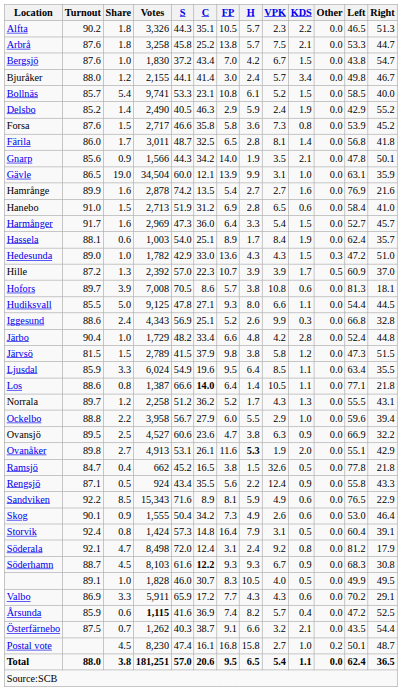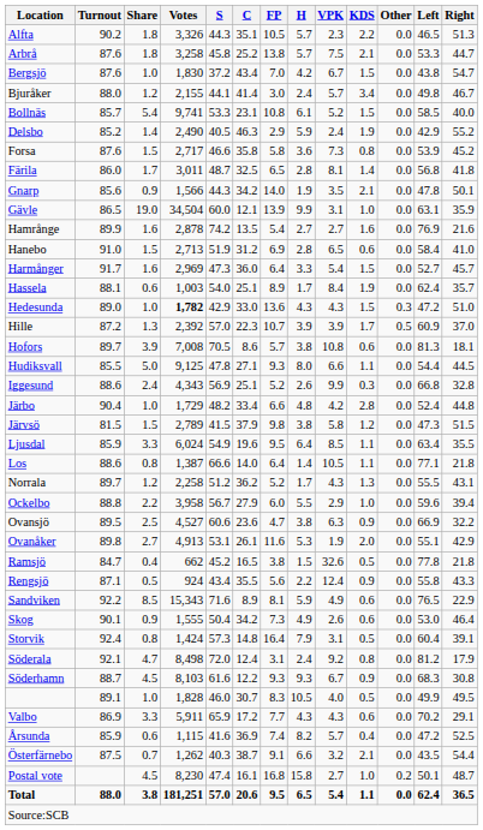 <table class="wikitable sortable" style=text-align:right>
 <tr>
 <th>Location</th>
 <th>Turnout</th>
 <th>Share</th>
 <th>Votes</th>
 <th><a href='#'>S</a></th>
 <th><a href='#'>C</a></th>
 <th><a href='#'>FP</a></th>
 <th><a href='#'>H</a></th>
 <th><a href='#'>VPK</a></th>
 <th><a href='#'>KDS</a></th>
 <th>Other</th>
 <th>Left</th>
 <th>Right</th>
 </tr>
 <tr>
 <td align=left><a href='#'>Alfta</a></td>
 <td>90.2</td>
 <td>1.8</td>
 <td>3,326</td>
 <td>44.3</td>
 <td>35.1</td>
 <td>10.5</td>
 <td>5.7</td>
 <td>2.3</td>
 <td>2.2</td>
 <td>0.0</td>
 <td>46.5</td>
 <td>51.3</td>
 </tr>
 <tr>
 <td align=left><a href='#'>Arbrå</a></td>
 <td>87.6</td>
 <td>1.8</td>
 <td>3,258</td>
 <td>45.8</td>
 <td>25.2</td>
 <td>13.8</td>
 <td>5.7</td>
 <td>7.5</td>
 <td>2.1</td>
 <td>0.0</td>
 <td>53.3</td>
 <td>44.7</td>
 </tr>
 <tr>
 <td align=left><a href='#'>Bergsjö</a></td>
 <td>87.6</td>
 <td>1.0</td>
 <td>1,830</td>
 <td>37.2</td>
 <td>43.4</td>
 <td>7.0</td>
 <td>4.2</td>
 <td>6.7</td>
 <td>1.5</td>
 <td>0.0</td>
 <td>43.8</td>
 <td>54.7</td>
 </tr>
 <tr>
 <td align=left>Bjuråker</td>
 <td>88.0</td>
 <td>1.2</td>
 <td>2,155</td>
 <td>44.1</td>
 <td>41.4</td>
 <td>3.0</td>
 <td>2.4</td>
 <td>5.7</td>
 <td>3.4</td>
 <td>0.0</td>
 <td>49.8</td>
 <td>46.7</td>
 </tr>
 <tr>
 <td align=left><a href='#'>Bollnäs</a></td>
 <td>85.7</td>
 <td>5.4</td>
 <td>9,741</td>
 <td>53.3</td>
 <td>23.1</td>
 <td>10.8</td>
 <td>6.1</td>
 <td>5.2</td>
 <td>1.5</td>
 <td>0.0</td>
 <td>58.5</td>
 <td>40.0</td>
 </tr>
 <tr>
 <td align=left><a href='#'>Delsbo</a></td>
 <td>85.2</td>
 <td>1.4</td>
 <td>2,490</td>
 <td>40.5</td>
 <td>46.3</td>
 <td>2.9</td>
 <td>5.9</td>
 <td>2.4</td>
 <td>1.9</td>
 <td>0.0</td>
 <td>42.9</td>
 <td>55.2</td>
 </tr>
 <tr>
 <td align=left>Forsa</td>
 <td>87.6</td>
 <td>1.5</td>
 <td>2,717</td>
 <td>46.6</td>
 <td>35.8</td>
 <td>5.8</td>
 <td>3.6</td>
 <td>7.3</td>
 <td>0.8</td>
 <td>0.0</td>
 <td>53.9</td>
 <td>45.2</td>
 </tr>
 <tr>
 <td align=left><a href='#'>Färila</a></td>
 <td>86.0</td>
 <td>1.7</td>
 <td>3,011</td>
 <td>48.7</td>
 <td>32.5</td>
 <td>6.5</td>
 <td>2.8</td>
 <td>8.1</td>
 <td>1.4</td>
 <td>0.0</td>
 <td>56.8</td>
 <td>41.8</td>
 </tr>
 <tr>
 <td align=left><a href='#'>Gnarp</a></td>
 <td>85.6</td>
 <td>0.9</td>
 <td>1,566</td>
 <td>44.3</td>
 <td>34.2</td>
 <td>14.0</td>
 <td>1.9</td>
 <td>3.5</td>
 <td>2.1</td>
 <td>0.0</td>
 <td>47.8</td>
 <td>50.1</td>
 </tr>
 <tr>
 <td align=left><a href='#'>Gävle</a></td>
 <td>86.5</td>
 <td>19.0</td>
 <td>34,504</td>
 <td>60.0</td>
 <td>12.1</td>
 <td>13.9</td>
 <td>9.9</td>
 <td>3.1</td>
 <td>1.0</td>
 <td>0.0</td>
 <td>63.1</td>
 <td>35.9</td>
 </tr>
 <tr>
 <td align=left>Hamrånge</td>
 <td>89.9</td>
 <td>1.6</td>
 <td>2,878</td>
 <td>74.2</td>
 <td>13.5</td>
 <td>5.4</td>
 <td>2.7</td>
 <td>2.7</td>
 <td>1.6</td>
 <td>0.0</td>
 <td>76.9</td>
 <td>21.6</td>
 </tr>
 <tr>
 <td align=left>Hanebo</td>
 <td>91.0</td>
 <td>1.5</td>
 <td>2,713</td>
 <td>51.9</td>
 <td>31.2</td>
 <td>6.9</td>
 <td>2.8</td>
 <td>6.5</td>
 <td>0.6</td>
 <td>0.0</td>
 <td>58.4</td>
 <td>41.0</td>
 </tr>
 <tr>
 <td align=left><a href='#'>Harmånger</a></td>
 <td>91.7</td>
 <td>1.6</td>
 <td>2,969</td>
 <td>47.3</td>
 <td>36.0</td>
 <td>6.4</td>
 <td>3.3</td>
 <td>5.4</td>
 <td>1.5</td>
 <td>0.0</td>
 <td>52.7</td>
 <td>45.7</td>
 </tr>
 <tr>
 <td align=left><a href='#'>Hassela</a></td>
 <td>88.1</td>
 <td>0.6</td>
 <td>1,003</td>
 <td>54.0</td>
 <td>25.1</td>
 <td>8.9</td>
 <td>1.7</td>
 <td>8.4</td>
 <td>1.9</td>
 <td>0.0</td>
 <td>62.4</td>
 <td>35.7</td>
 </tr>
 <tr>
 <td align=left><a href='#'>Hedesunda</a></td>
 <td>89.0</td>
 <td>1.0</td>
-<td>1,782</td>
+<td><strong>1,782</strong></td>
 <td>42.9</td>
 <td>33.0</td>
 <td>13.6</td>
 <td>4.3</td>
 <td>4.3</td>
 <td>1.5</td>
 <td>0.3</td>
 <td>47.2</td>
 <td>51.0</td>
 </tr>
 <tr>
 <td align=left>Hille</td>
 <td>87.2</td>
 <td>1.3</td>
 <td>2,392</td>
 <td>57.0</td>
 <td>22.3</td>
 <td>10.7</td>
 <td>3.9</td>
 <td>3.9</td>
 <td>1.7</td>
 <td>0.5</td>
 <td>60.9</td>
 <td>37.0</td>
 </tr>
 <tr>
 <td align=left><a href='#'>Hofors</a></td>
 <td>89.7</td>
 <td>3.9</td>
 <td>7,008</td>
 <td>70.5</td>
 <td>8.6</td>
 <td>5.7</td>
 <td>3.8</td>
 <td>10.8</td>
 <td>0.6</td>
 <td>0.0</td>
 <td>81.3</td>
 <td>18.1</td>
 </tr>
 <tr>
 <td align=left><a href='#'>Hudiksvall</a></td>
 <td>85.5</td>
 <td>5.0</td>
 <td>9,125</td>
 <td>47.8</td>
 <td>27.1</td>
 <td>9.3</td>
 <td>8.0</td>
 <td>6.6</td>
 <td>1.1</td>
 <td>0.0</td>
 <td>54.4</td>
 <td>44.5</td>
 </tr>
 <tr>
 <td align=left><a href='#'>Iggesund</a></td>
 <td>88.6</td>
 <td>2.4</td>
 <td>4,343</td>
 <td>56.9</td>
 <td>25.1</td>
 <td>5.2</td>
 <td>2.6</td>
 <td>9.9</td>
 <td>0.3</td>
 <td>0.0</td>
 <td>66.8</td>
 <td>32.8</td>
 </tr>
 <tr>
 <td align=left><a href='#'>Järbo</a></td>
 <td>90.4</td>
 <td>1.0</td>
 <td>1,729</td>
 <td>48.2</td>
 <td>33.4</td>
 <td>6.6</td>
 <td>4.8</td>
 <td>4.2</td>
 <td>2.8</td>
 <td>0.0</td>
 <td>52.4</td>
 <td>44.8</td>
 </tr>
 <tr>
 <td align=left><a href='#'>Järvsö</a></td>
 <td>81.5</td>
 <td>1.5</td>
 <td>2,789</td>
 <td>41.5</td>
 <td>37.9</td>
 <td>9.8</td>
 <td>3.8</td>
 <td>5.8</td>
 <td>1.2</td>
 <td>0.0</td>
 <td>47.3</td>
 <td>51.5</td>
 </tr>
 <tr>
 <td align=left><a href='#'>Ljusdal</a></td>
 <td>85.9</td>
 <td>3.3</td>
 <td>6,024</td>
 <td>54.9</td>
 <td>19.6</td>
 <td>9.5</td>
 <td>6.4</td>
 <td>8.5</td>
 <td>1.1</td>
 <td>0.0</td>
 <td>63.4</td>
 <td>35.5</td>
 </tr>
 <tr>
 <td align=left><a href='#'>Los</a></td>
 <td>88.6</td>
 <td>0.8</td>
 <td>1,387</td>
 <td>66.6</td>
-<td><strong>14.0</strong></td>
+<td>14.0</td>
 <td>6.4</td>
 <td>1.4</td>
 <td>10.5</td>
 <td>1.1</td>
 <td>0.0</td>
 <td>77.1</td>
 <td>21.8</td>
 </tr>
 <tr>
 <td align=left>Norrala</td>
 <td>89.7</td>
 <td>1.2</td>
 <td>2,258</td>
 <td>51.2</td>
 <td>36.2</td>
 <td>5.2</td>
 <td>1.7</td>
 <td>4.3</td>
 <td>1.3</td>
 <td>0.0</td>
 <td>55.5</td>
 <td>43.1</td>
 </tr>
 <tr>
 <td align=left><a href='#'>Ockelbo</a></td>
 <td>88.8</td>
 <td>2.2</td>
 <td>3,958</td>
 <td>56.7</td>
 <td>27.9</td>
 <td>6.0</td>
 <td>5.5</td>
 <td>2.9</td>
 <td>1.0</td>
 <td>0.0</td>
 <td>59.6</td>
 <td>39.4</td>
 </tr>
 <tr>
 <td align=left>Ovansjö</td>
 <td>89.5</td>
 <td>2.5</td>
 <td>4,527</td>
 <td>60.6</td>
 <td>23.6</td>
 <td>4.7</td>
 <td>3.8</td>
 <td>6.3</td>
 <td>0.9</td>
 <td>0.0</td>
 <td>66.9</td>
 <td>32.2</td>
 </tr>
 <tr>
 <td align=left><a href='#'>Ovanåker</a></td>
 <td>89.8</td>
 <td>2.7</td>
 <td>4,913</td>
 <td>53.1</td>
 <td>26.1</td>
 <td>11.6</td>
-<td><strong>5.3</strong></td>
+<td>5.3</td>
 <td>1.9</td>
 <td>2.0</td>
 <td>0.0</td>
 <td>55.1</td>
 <td>42.9</td>
 </tr>
 <tr>
 <td align=left><a href='#'>Ramsjö</a></td>
 <td>84.7</td>
 <td>0.4</td>
 <td>662</td>
 <td>45.2</td>
 <td>16.5</td>
 <td>3.8</td>
 <td>1.5</td>
 <td>32.6</td>
 <td>0.5</td>
 <td>0.0</td>
 <td>77.8</td>
 <td>21.8</td>
 </tr>
 <tr>
 <td align=left><a href='#'>Rengsjö</a></td>
 <td>87.1</td>
 <td>0.5</td>
 <td>924</td>
 <td>43.4</td>
 <td>35.5</td>
 <td>5.6</td>
 <td>2.2</td>
 <td>12.4</td>
 <td>0.9</td>
 <td>0.0</td>
 <td>55.8</td>
 <td>43.3</td>
 </tr>
 <tr>
 <td align=left><a href='#'>Sandviken</a></td>
 <td>92.2</td>
 <td>8.5</td>
 <td>15,343</td>
 <td>71.6</td>
 <td>8.9</td>
 <td>8.1</td>
 <td>5.9</td>
 <td>4.9</td>
 <td>0.6</td>
 <td>0.0</td>
 <td>76.5</td>
 <td>22.9</td>
 </tr>
 <tr>
 <td align=left><a href='#'>Skog</a></td>
 <td>90.1</td>
 <td>0.9</td>
 <td>1,555</td>
 <td>50.4</td>
 <td>34.2</td>
 <td>7.3</td>
 <td>4.9</td>
 <td>2.6</td>
 <td>0.6</td>
 <td>0.0</td>
 <td>53.0</td>
 <td>46.4</td>
 </tr>
 <tr>
 <td align=left><a href='#'>Storvik</a></td>
 <td>92.4</td>
 <td>0.8</td>
 <td>1,424</td>
 <td>57.3</td>
 <td>14.8</td>
 <td>16.4</td>
 <td>7.9</td>
 <td>3.1</td>
 <td>0.5</td>
 <td>0.0</td>
 <td>60.4</td>
 <td>39.1</td>
 </tr>
 <tr>
 <td align=left><a href='#'>Söderala</a></td>
 <td>92.1</td>
 <td>4.7</td>
 <td>8,498</td>
 <td>72.0</td>
 <td>12.4</td>
 <td>3.1</td>
 <td>2.4</td>
 <td>9.2</td>
 <td>0.8</td>
 <td>0.0</td>
 <td>81.2</td>
 <td>17.9</td>
 </tr>
 <tr>
 <td align=left><a href='#'>Söderhamn</a></td>
 <td>88.7</td>
 <td>4.5</td>
 <td>8,103</td>
 <td>61.6</td>
-<td><strong>12.2</strong></td>
+<td>12.2</td>
 <td>9.3</td>
 <td>9.3</td>
 <td>6.7</td>
 <td>0.9</td>
 <td>0.0</td>
 <td>68.3</td>
 <td>30.8</td>
 </tr>
 <tr>
 <td align=left></td>
 <td>89.1</td>
 <td>1.0</td>
 <td>1,828</td>
 <td>46.0</td>
 <td>30.7</td>
 <td>8.3</td>
 <td>10.5</td>
 <td>4.0</td>
 <td>0.5</td>
 <td>0.0</td>
 <td>49.9</td>
 <td>49.5</td>
 </tr>
 <tr>
 <td align=left><a href='#'>Valbo</a></td>
 <td>86.9</td>
 <td>3.3</td>
 <td>5,911</td>
 <td>65.9</td>
 <td>17.2</td>
 <td>7.7</td>
 <td>4.3</td>
 <td>4.3</td>
 <td>0.6</td>
 <td>0.0</td>
 <td>70.2</td>
 <td>29.1</td>
 </tr>
 <tr>
 <td align=left><a href='#'>Årsunda</a></td>
 <td>85.9</td>
 <td>0.6</td>
-<td><strong>1,115</strong></td>
+<td>1,115</td>
 <td>41.6</td>
 <td>36.9</td>
 <td>7.4</td>
 <td>8.2</td>
 <td>5.7</td>
 <td>0.4</td>
 <td>0.0</td>
 <td>47.2</td>
 <td>52.5</td>
 </tr>
 <tr>
 <td align=left><a href='#'>Österfärnebo</a></td>
 <td>87.5</td>
 <td>0.7</td>
 <td>1,262</td>
 <td>40.3</td>
 <td>38.7</td>
 <td>9.1</td>
 <td>6.6</td>
 <td>3.2</td>
 <td>2.1</td>
 <td>0.0</td>
 <td>43.5</td>
 <td>54.4</td>
 </tr>
 <tr>
 <td align=left><a href='#'>Postal vote</a></td>
 <td></td>
 <td>4.5</td>
 <td>8,230</td>
 <td>47.4</td>
 <td>16.1</td>
 <td>16.8</td>
 <td>15.8</td>
 <td>2.7</td>
 <td>1.0</td>
 <td>0.2</td>
 <td>50.1</td>
 <td>48.7</td>
 </tr>
 <tr>
 <td align=left><strong>Total</strong></td>
 <td><strong>88.0</strong></td>
 <td><strong>3.8</strong></td>
 <td><strong>181,251</strong></td>
 <td><strong>57.0</strong></td>
 <td><strong>20.6</strong></td>
 <td><strong>9.5</strong></td>
 <td><strong>6.5</strong></td>
 <td><strong>5.4</strong></td>
 <td><strong>1.1</strong></td>
 <td><strong>0.0</strong></td>
 <td><strong>62.4</strong></td>
 <td><strong>36.5</strong></td>
 </tr>
 <tr>
 <td align=left colspan=13>Source:SCB </td>
 </tr>
 </table>
